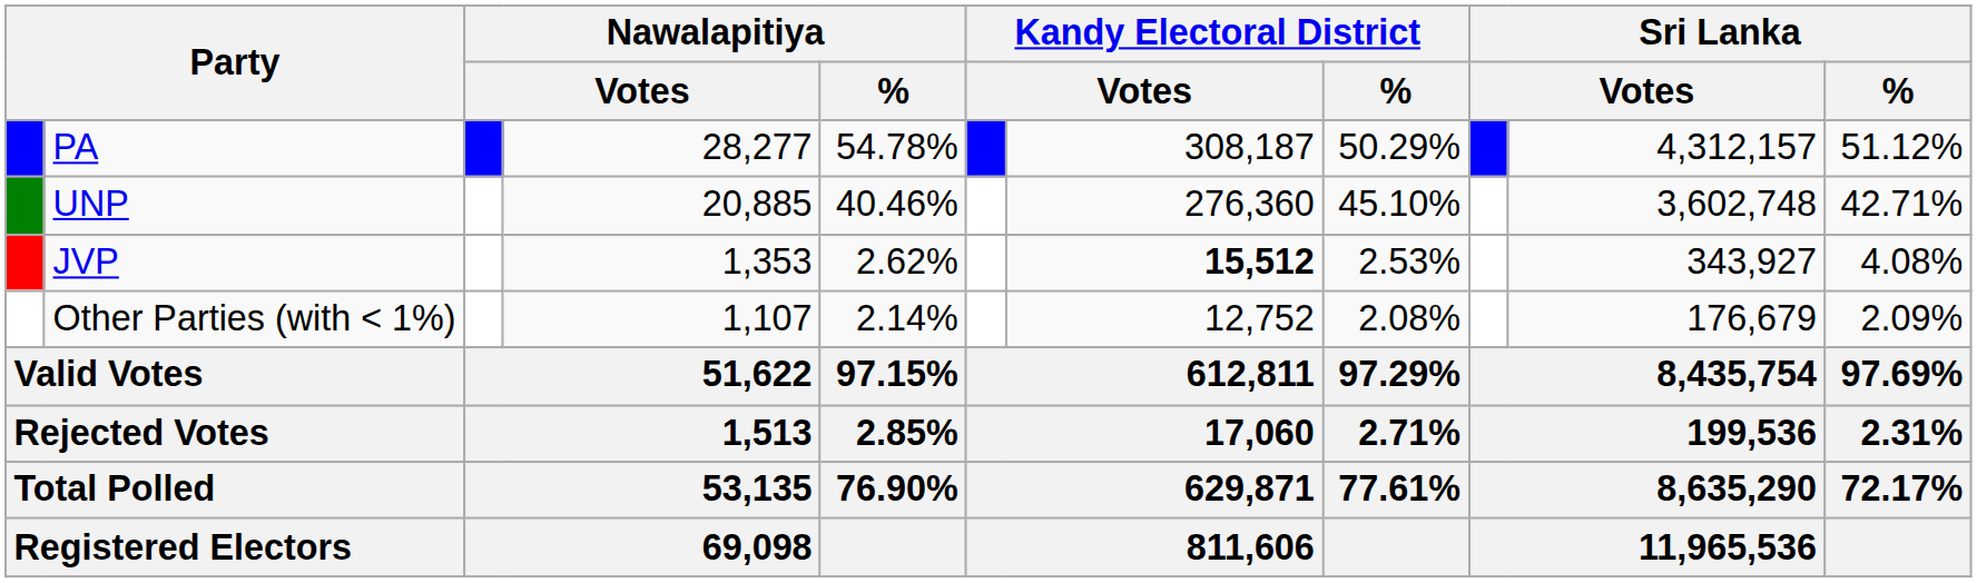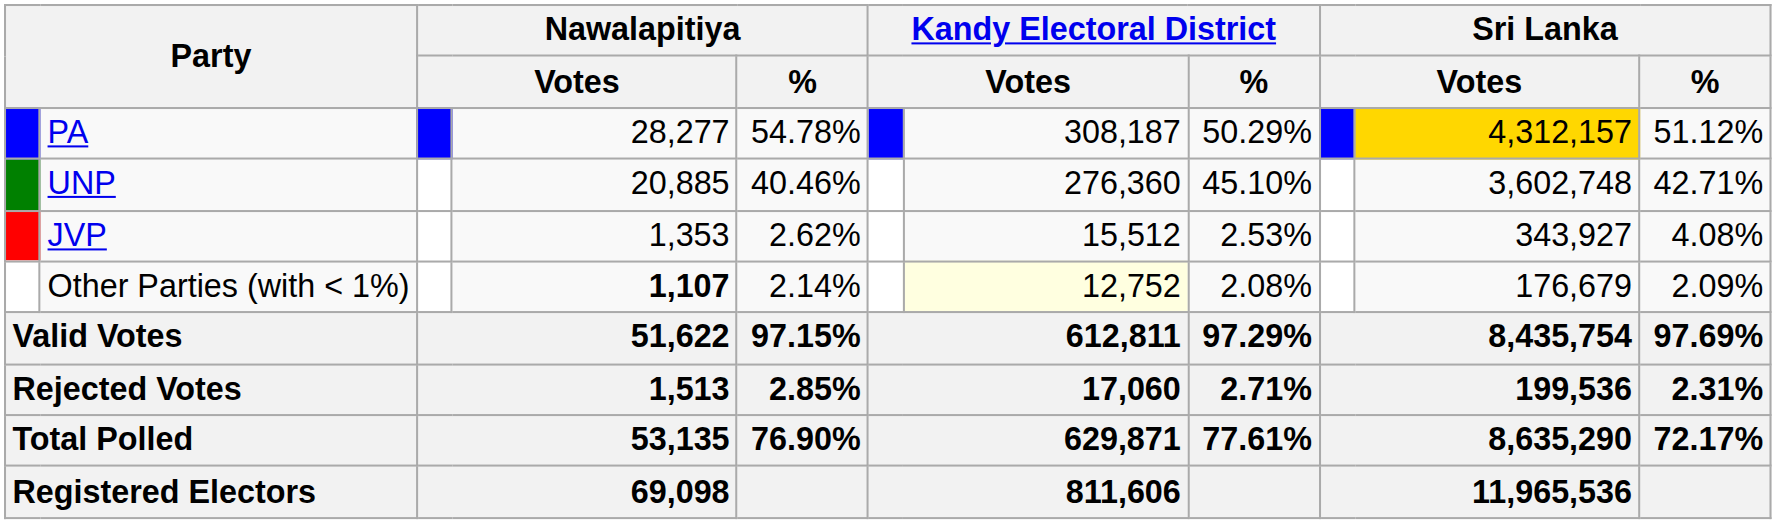 <table class="wikitable">
 <tr>
 <th colspan="2" width="144px"rowspan="2">Party</th>
 <th colspan="3" width="216px">Nawalapitiya</th>
 <th colspan="3" width="216px"><a href='#'>Kandy Electoral District</a></th>
 <th colspan="3" width="216px">Sri Lanka</th>
 </tr>
 <tr>
 <th colspan="2" width="144px">Votes</th>
 <th>%</th>
 <th colspan="2" width="144px">Votes</th>
 <th>%</th>
 <th colspan="2" width="144px">Votes</th>
 <th>%</th>
 </tr>
 <tr>
 <td style="background-color:blue;" width="10px"></td>
 <td style="text-align:left;"><a href='#'>PA</a></td>
 <td style="background-color:blue;" width="10px"></td>
 <td style="text-align:right;">28,277</td>
 <td style="text-align:right;">54.78%</td>
 <td style="background-color:blue;" width="10px"></td>
 <td style="text-align:right;">308,187</td>
 <td style="text-align:right;">50.29%</td>
 <td style="background-color:blue;" width="10px"></td>
-<td style="text-align:right;">4,312,157</td>
+<td style="background: gold; text-align:right;">4,312,157</td>
 <td style="text-align:right;">51.12%</td>
 </tr>
 <tr>
 <td style="background-color:green;" width="10px"></td>
 <td style="text-align:left;"><a href='#'>UNP</a></td>
 <td style="background-color:white;" width="10px"></td>
 <td style="text-align:right;">20,885</td>
 <td style="text-align:right;">40.46%</td>
 <td style="background-color:white;" width="10px"></td>
 <td style="text-align:right;">276,360</td>
 <td style="text-align:right;">45.10%</td>
 <td style="background-color:white;" width="10px"></td>
 <td style="text-align:right;">3,602,748</td>
 <td style="text-align:right;">42.71%</td>
 </tr>
 <tr>
 <td style="background-color:red;" width="10px"></td>
 <td style="text-align:left;"><a href='#'>JVP</a></td>
 <td style="background-color:white;" width="10px"></td>
 <td style="text-align:right;">1,353</td>
 <td style="text-align:right;">2.62%</td>
 <td style="background-color:white;" width="10px"></td>
-<td style="text-align:right;"><strong>15,512</strong></td>
+<td style="text-align:right;">15,512</td>
 <td style="text-align:right;">2.53%</td>
 <td style="background-color:white;" width="10px"></td>
 <td style="text-align:right;">343,927</td>
 <td style="text-align:right;">4.08%</td>
 </tr>
 <tr>
 <td style="background-color:white;" width="10px"></td>
 <td style="text-align:left;">Other Parties (with < 1%)</td>
 <td style="background-color:white;" width="10px"></td>
-<td style="text-align:right;">1,107</td>
+<td style="text-align:right;"><strong>1,107</strong></td>
 <td style="text-align:right;">2.14%</td>
 <td style="background-color:white;" width="10px"></td>
-<td style="text-align:right;">12,752</td>
+<td style="background: lightyellow; text-align:right;">12,752</td>
 <td style="text-align:right;">2.08%</td>
 <td style="background-color:white;" width="10px"></td>
 <td style="text-align:right;">176,679</td>
 <td style="text-align:right;">2.09%</td>
 </tr>
 <tr>
 <th colspan="2" width="144px"style="text-align:left;">Valid Votes</th>
 <th style="text-align:right;"colspan="2" width="144px">51,622</th>
 <th style="text-align:right;">97.15%</th>
 <th style="text-align:right;"colspan="2" width="144px">612,811</th>
 <th style="text-align:right;">97.29%</th>
 <th style="text-align:right;"colspan="2" width="144px">8,435,754</th>
 <th style="text-align:right;">97.69%</th>
 </tr>
 <tr>
 <th colspan="2" width="144px"style="text-align:left;">Rejected Votes</th>
 <th style="text-align:right;"colspan="2" width="144px">1,513</th>
 <th style="text-align:right;">2.85%</th>
 <th style="text-align:right;"colspan="2" width="144px">17,060</th>
 <th style="text-align:right;">2.71%</th>
 <th style="text-align:right;"colspan="2" width="144px">199,536</th>
 <th style="text-align:right;">2.31%</th>
 </tr>
 <tr>
 <th colspan="2" width="144px"style="text-align:left;">Total Polled</th>
 <th style="text-align:right;"colspan="2" width="144px">53,135</th>
 <th style="text-align:right;">76.90%</th>
 <th style="text-align:right;"colspan="2" width="144px">629,871</th>
 <th style="text-align:right;">77.61%</th>
 <th style="text-align:right;"colspan="2" width="144px">8,635,290</th>
 <th style="text-align:right;">72.17%</th>
 </tr>
 <tr>
 <th colspan="2" width="144px"style="text-align:left;">Registered Electors</th>
 <th style="text-align:right;"colspan="2" width="144px">69,098</th>
 <th></th>
 <th style="text-align:right;"colspan="2" width="144px">811,606</th>
 <th></th>
 <th style="text-align:right;"colspan="2" width="144px">11,965,536</th>
 <th></th>
 </tr>
 </table>
